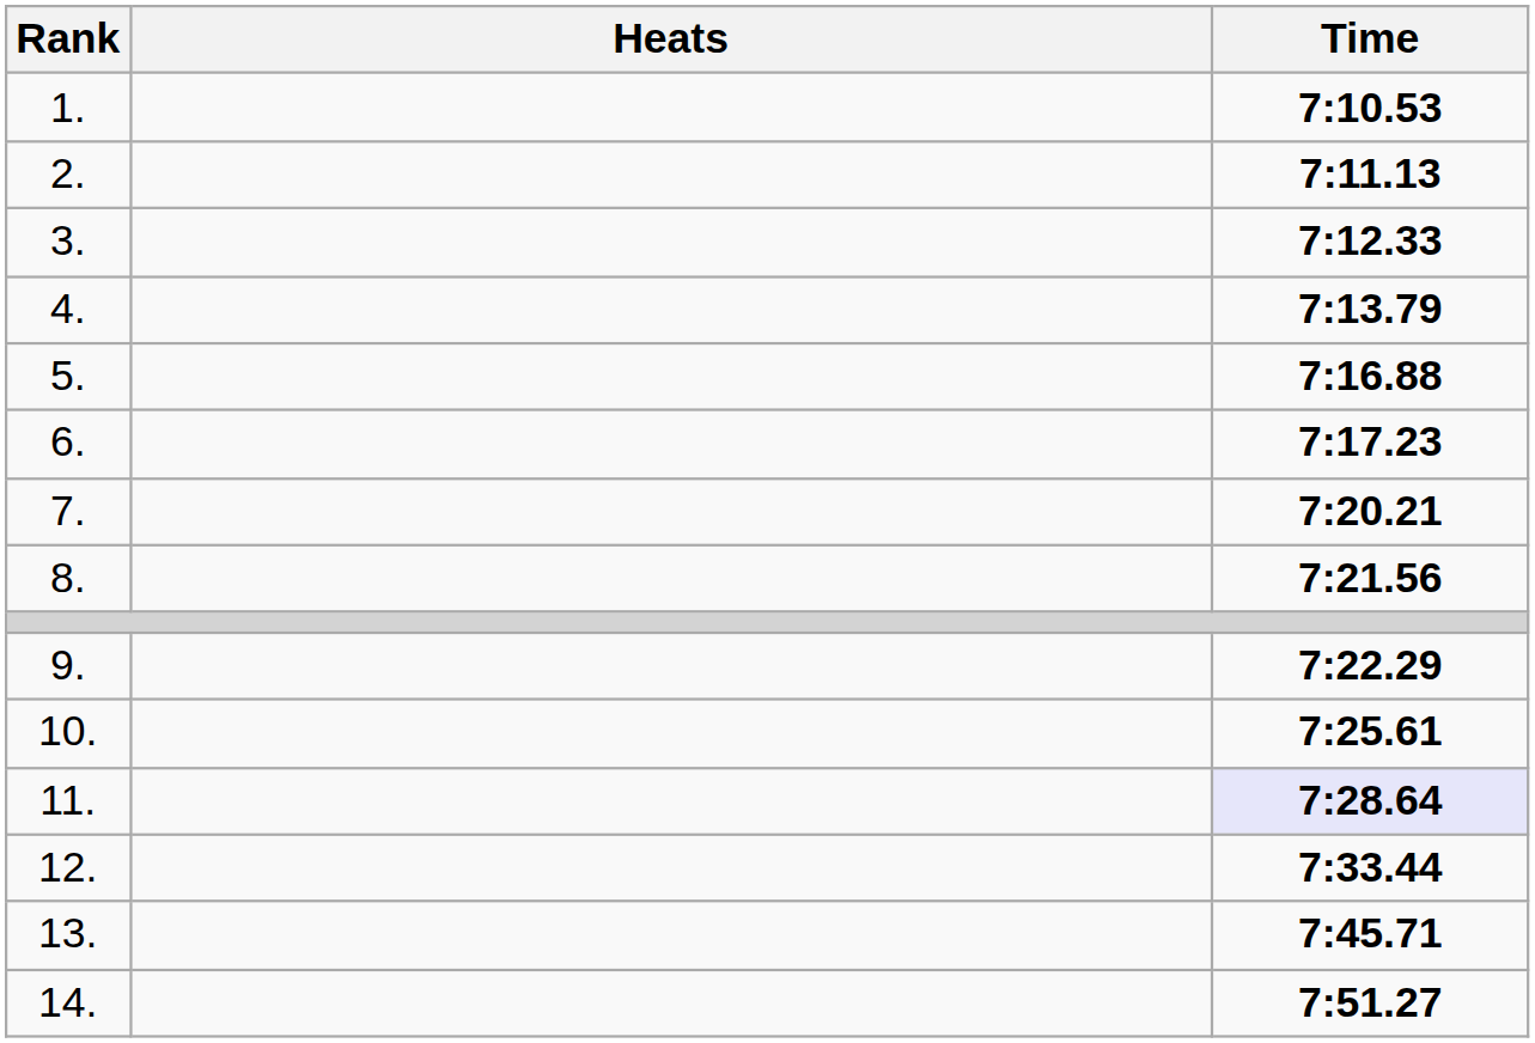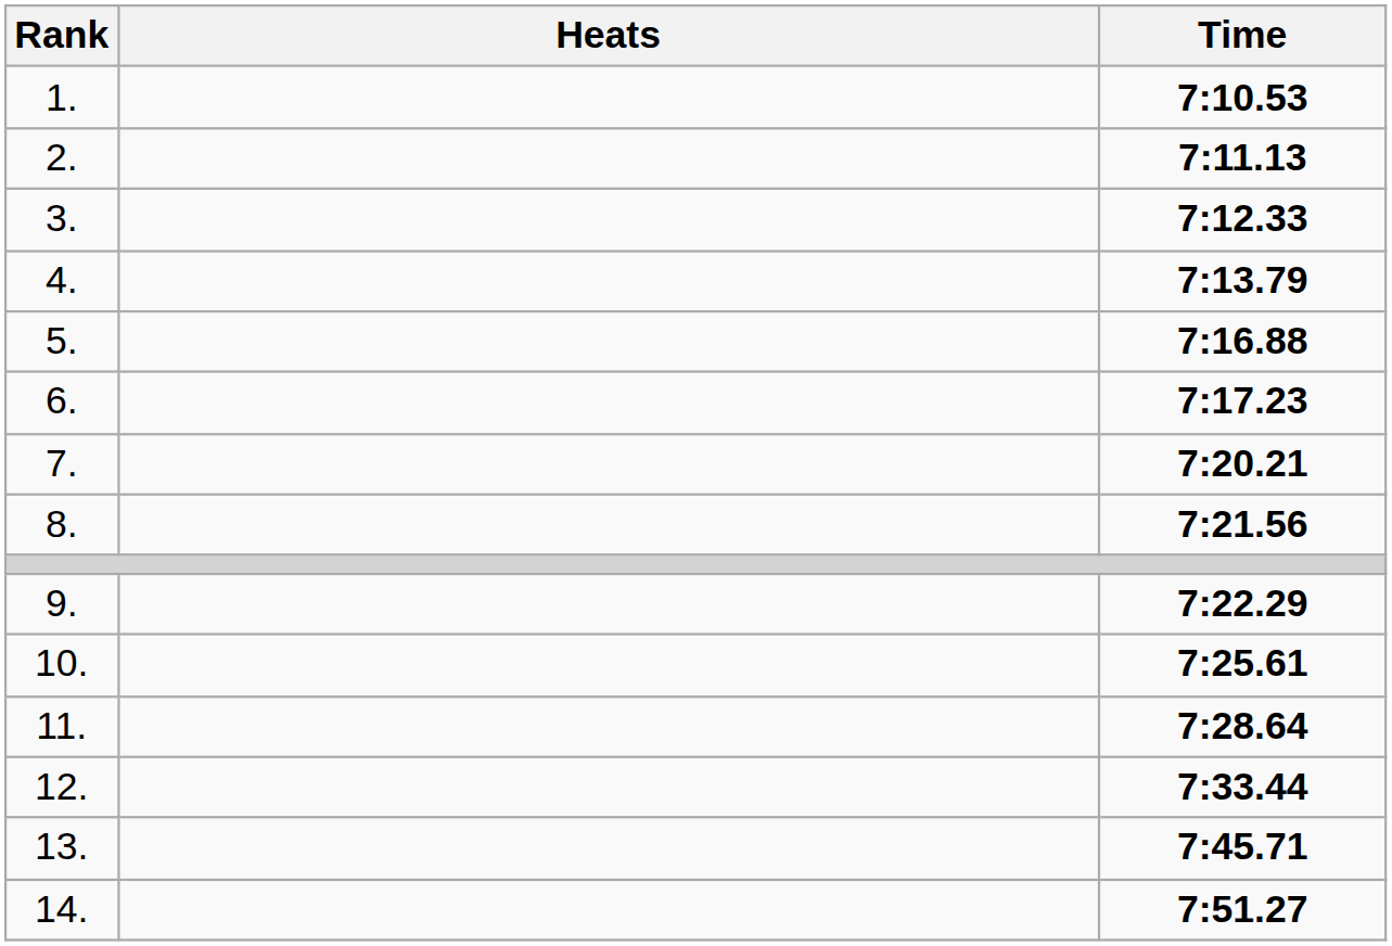 <table class="wikitable">
 <tr>
 <th>Rank</th>
 <th style="width: 25em">Heats</th>
 <th style="width: 7em">Time</th>
 </tr>
 <tr>
 <td align="center">1.</td>
 <td><strong></strong></td>
 <td align="center"><strong>7:10.53</strong></td>
 </tr>
 <tr>
 <td align="center">2.</td>
 <td><strong></strong></td>
 <td align="center"><strong>7:11.13</strong></td>
 </tr>
 <tr>
 <td align="center">3.</td>
 <td><strong></strong></td>
 <td align="center"><strong>7:12.33</strong></td>
 </tr>
 <tr>
 <td align="center">4.</td>
 <td><strong></strong></td>
 <td align="center"><strong>7:13.79</strong></td>
 </tr>
 <tr>
 <td align="center">5.</td>
 <td><strong></strong></td>
 <td align="center"><strong>7:16.88</strong></td>
 </tr>
 <tr>
 <td align="center">6.</td>
 <td><strong></strong></td>
 <td align="center"><strong>7:17.23</strong></td>
 </tr>
 <tr>
 <td align="center">7.</td>
 <td><strong></strong></td>
 <td align="center"><strong>7:20.21</strong></td>
 </tr>
 <tr>
 <td align="center">8.</td>
 <td><strong></strong></td>
 <td align="center"><strong>7:21.56</strong></td>
 </tr>
 <tr>
 <td colspan=3 bgcolor=lightgray></td>
 </tr>
 <tr>
 <td align="center">9.</td>
 <td><strong></strong></td>
 <td align="center"><strong>7:22.29</strong></td>
 </tr>
 <tr>
 <td align="center">10.</td>
 <td><strong></strong></td>
 <td align="center"><strong>7:25.61</strong></td>
 </tr>
 <tr>
 <td align="center">11.</td>
 <td><strong></strong></td>
-<td align="center" style="background: lavender;"><strong>7:28.64</strong></td>
+<td align="center"><strong>7:28.64</strong></td>
 </tr>
 <tr>
 <td align="center">12.</td>
 <td><strong></strong></td>
 <td align="center"><strong>7:33.44</strong></td>
 </tr>
 <tr>
 <td align="center">13.</td>
 <td><strong></strong></td>
 <td align="center"><strong>7:45.71</strong></td>
 </tr>
 <tr>
 <td align="center">14.</td>
 <td><strong></strong></td>
 <td align="center"><strong>7:51.27</strong></td>
 </tr>
 </table>
